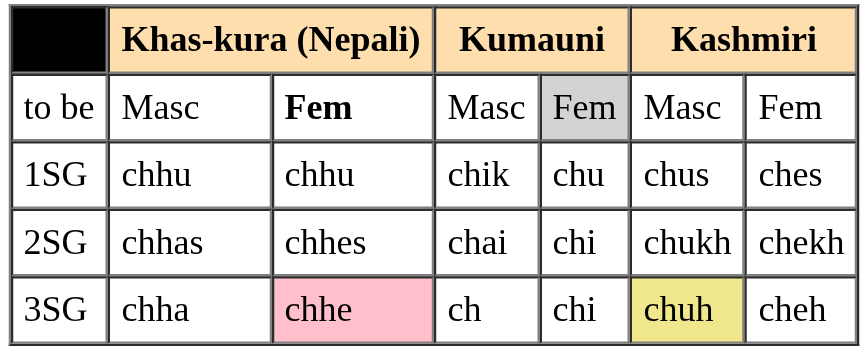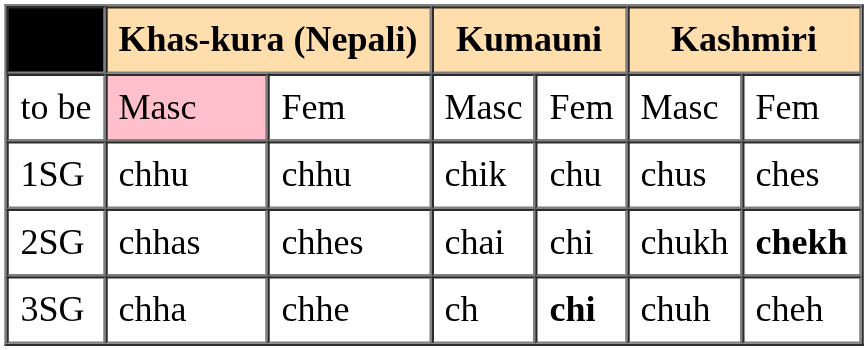 <table border="1" cellpadding="5" cellspacing="0" align="center">
 <tr>
 <th style="background:#000000;"> </th>
 <th colspan="2" style="background:#ffdeae;">Khas-kura (Nepali)</th>
 <th colspan="2" style="background:#ffdeae;">Kumauni</th>
 <th colspan="2" style="background:#ffdeae;">Kashmiri</th>
 </tr>
 <tr>
 <td>to be</td>
+<td style="background: pink;">Masc</td>
+<td>Fem</td>
 <td>Masc</td>
-<td><strong>Fem</strong></td>
-<td>Masc</td>
-<td style="background: lightgrey;">Fem</td>
+<td>Fem</td>
 <td>Masc</td>
 <td>Fem</td>
 </tr>
 <tr>
 <td>1SG</td>
 <td>chhu</td>
 <td>chhu</td>
 <td>chik</td>
 <td>chu</td>
 <td>chus</td>
 <td>ches</td>
 </tr>
 <tr men zes>
 <td>2SG</td>
 <td>chhas</td>
 <td>chhes</td>
 <td>chai</td>
 <td>chi</td>
 <td>chukh</td>
-<td>chekh</td>
+<td><strong>chekh</strong></td>
 </tr>
 <tr tu zin>
 <td>3SG</td>
 <td>chha</td>
-<td style="background: pink;">chhe</td>
+<td>chhe</td>
 <td>ch</td>
-<td>chi</td>
-<td style="background: khaki;">chuh</td>
+<td><strong>chi</strong></td>
+<td>chuh</td>
 <td>cheh</td>
 </tr>
 </table>
